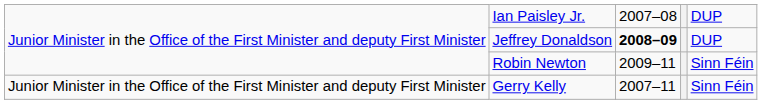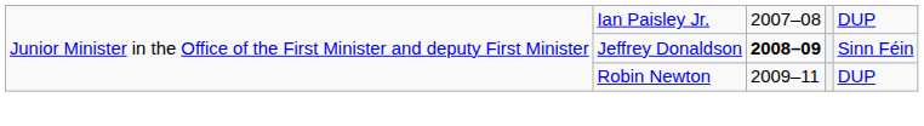 <table class="wikitable">
 <tr>
 <td rowspan=3><a href='#'>Junior Minister</a> in the <a href='#'>Office of the First Minister and deputy First Minister</a></td>
 <td><a href='#'>Ian Paisley Jr.</a></td>
 <td>2007–08</td>
 <th style="background-color: "></th>
 <td><a href='#'>DUP</a></td>
 </tr>
 <tr>
 <td><a href='#'>Jeffrey Donaldson</a></td>
 <td><strong>2008–09</strong></td>
 <th style="background-color: "></th>
-<td><a href='#'>DUP</a></td>
+<td><a href='#'>Sinn Féin</a></td>
 </tr>
 <tr>
 <td><a href='#'>Robin Newton</a></td>
 <td>2009–11</td>
 <th style="background-color: "></th>
-<td><a href='#'>Sinn Féin</a></td>
-</tr>
-<tr>
-<td>Junior Minister in the Office of the First Minister and deputy First Minister</td>
-<td><a href='#'>Gerry Kelly</a></td>
-<td>2007–11</td>
-<th style="background-color: "></th>
-<td><a href='#'>Sinn Féin</a></td>
+<td><a href='#'>DUP</a></td>
 </tr>
 </table>
